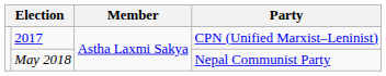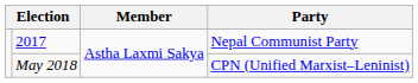 <table class="wikitable">
 <tr>
 <th colspan="2">Election</th>
 <th>Member</th>
 <th>Party</th>
 </tr>
 <tr>
 <td rowspan="2" style="background-color:"></td>
 <td><a href='#'>2017</a></td>
 <td rowspan="2"><a href='#'>Astha Laxmi Sakya</a></td>
-<td><a href='#'>CPN (Unified Marxist–Leninist)</a></td>
+<td><a href='#'>Nepal Communist Party</a></td>
 </tr>
 <tr>
 <td><em>May 2018</em></td>
-<td><a href='#'>Nepal Communist Party</a></td>
+<td><a href='#'>CPN (Unified Marxist–Leninist)</a></td>
 </tr>
 </table>
